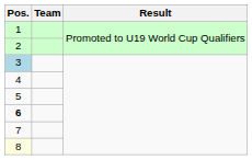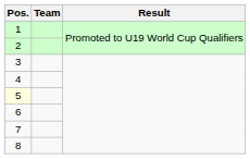 <table class="wikitable">
 <tr>
 <th>Pos.</th>
 <th>Team</th>
 <th>Result</th>
 </tr>
 <tr bgcolor="#ccffcc">
 <td align="center">1</td>
 <td></td>
 <td rowspan="2">Promoted to U19 World Cup Qualifiers</td>
 </tr>
 <tr bgcolor="#ccffcc">
 <td align="center">2</td>
 <td></td>
 </tr>
 <tr>
-<td align="center" style="background: lightblue;">3</td>
+<td align="center">3</td>
 <td></td>
 <td rowspan="6"></td>
 </tr>
 <tr>
 <td align="center">4</td>
 <td></td>
 </tr>
 <tr>
-<td align="center">5</td>
+<td align="center" style="background: lightyellow;">5</td>
 <td></td>
 </tr>
 <tr>
-<td align="center"><strong>6</strong></td>
+<td align="center">6</td>
 <td></td>
 </tr>
 <tr>
 <td align="center">7</td>
 <td></td>
 </tr>
 <tr>
-<td align="center" style="background: lightyellow;">8</td>
+<td align="center">8</td>
 <td></td>
 </tr>
 </table>
